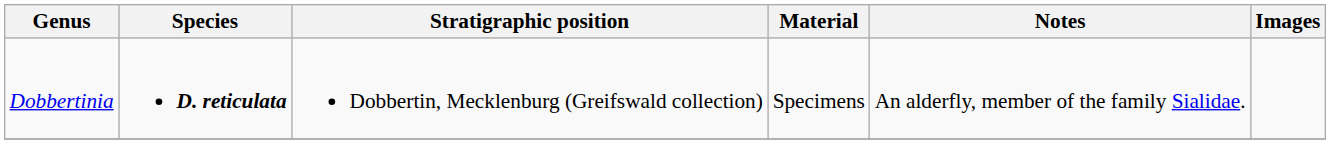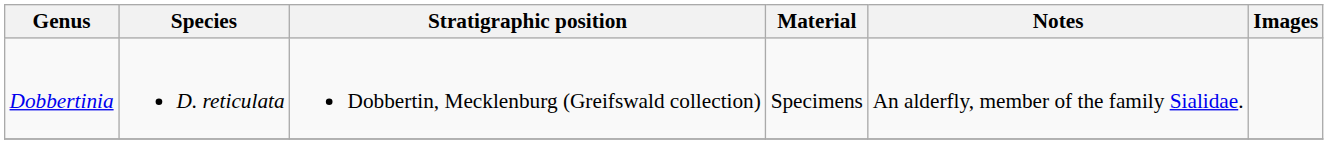 <table class = "wikitable">
 <tr>
 <th>Genus</th>
 <th>Species</th>
 <th>Stratigraphic position</th>
 <th>Material</th>
 <th>Notes</th>
 <th>Images</th>
 </tr>
 <tr>
 <td><br><em><a href='#'>Dobbertinia</a></em></td>
-<td><strong><br><ul><li><em>D. reticulata</em></li></ul></strong></td>
+<td><br><ul><li><em>D. reticulata</em></li></ul></td>
 <td><br><ul><li>Dobbertin, Mecklenburg (Greifswald collection)</li></ul></td>
 <td><br>Specimens</td>
 <td><br>An alderfly, member of the family <a href='#'>Sialidae</a>.</td>
 <td><br></td>
 </tr>
 <tr>
 </tr>
 </table>
